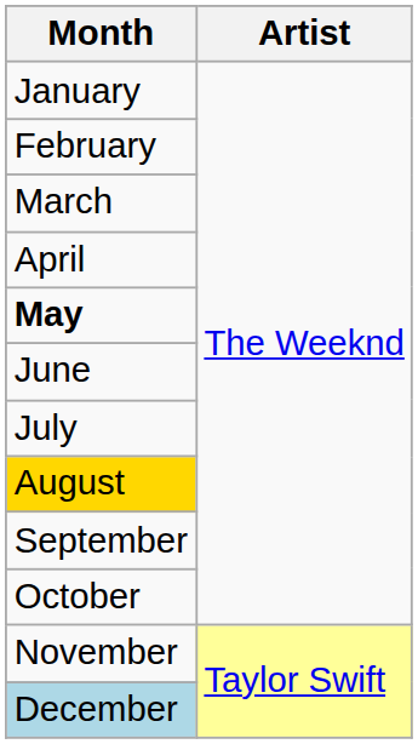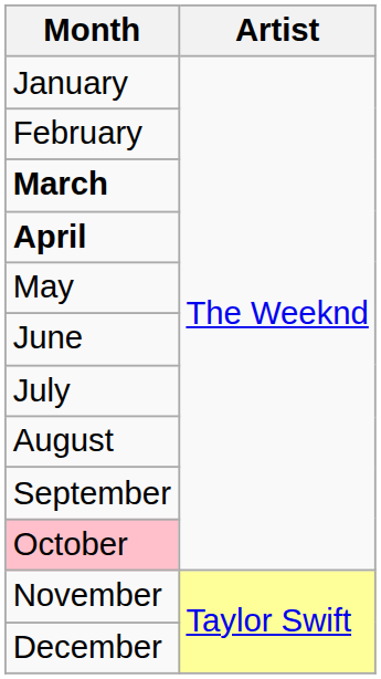 <table class="wikitable sortable plainrowheaders">
 <tr>
 <th>Month</th>
 <th>Artist</th>
 </tr>
 <tr>
 <td>January</td>
 <td rowspan="10"><a href='#'>The Weeknd</a></td>
 </tr>
 <tr>
 <td>February</td>
 </tr>
 <tr>
-<td>March</td>
+<td><strong>March</strong></td>
 </tr>
 <tr>
-<td>April</td>
+<td><strong>April</strong></td>
 </tr>
 <tr>
-<td><strong>May</strong></td>
+<td>May</td>
 </tr>
 <tr>
 <td>June</td>
 </tr>
 <tr>
 <td>July</td>
 </tr>
 <tr>
-<td style="background: gold;">August</td>
+<td>August</td>
 </tr>
 <tr>
 <td>September</td>
 </tr>
 <tr>
-<td>October</td>
+<td style="background: pink;">October</td>
 </tr>
 <tr>
 <td>November</td>
 <td rowspan="2" bgcolor="#ffff99"><a href='#'>Taylor Swift</a></td>
 </tr>
 <tr>
-<td style="background: lightblue;">December</td>
+<td>December</td>
 </tr>
 </table>
